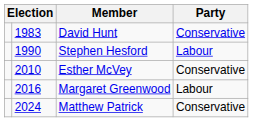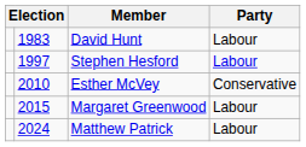 <table class="wikitable">
 <tr>
 <th colspan="2">Election</th>
 <th>Member</th>
 <th>Party</th>
 </tr>
 <tr>
 <td style="color:inherit;background-color: "></td>
 <td><a href='#'>1983</a></td>
 <td><a href='#'>David Hunt</a></td>
-<td><a href='#'>Conservative</a></td>
+<td>Labour</td>
 </tr>
 <tr>
 <td style="color:inherit;background-color: "></td>
-<td><a href='#'>1990</a></td>
+<td><a href='#'>1997</a></td>
 <td><a href='#'>Stephen Hesford</a></td>
 <td><a href='#'>Labour</a></td>
 </tr>
 <tr>
 <td style="color:inherit;background-color: "></td>
 <td><a href='#'>2010</a></td>
 <td><a href='#'>Esther McVey</a></td>
 <td>Conservative</td>
 </tr>
 <tr>
 <td style="color:inherit;background-color: "></td>
-<td><a href='#'>2016</a></td>
+<td><a href='#'>2015</a></td>
 <td><a href='#'>Margaret Greenwood</a></td>
 <td>Labour</td>
 </tr>
 <tr>
 <td style="color:inherit;background-color: "></td>
 <td><a href='#'>2024</a></td>
 <td><a href='#'>Matthew Patrick</a></td>
-<td>Conservative</td>
+<td>Labour</td>
 </tr>
 </table>
